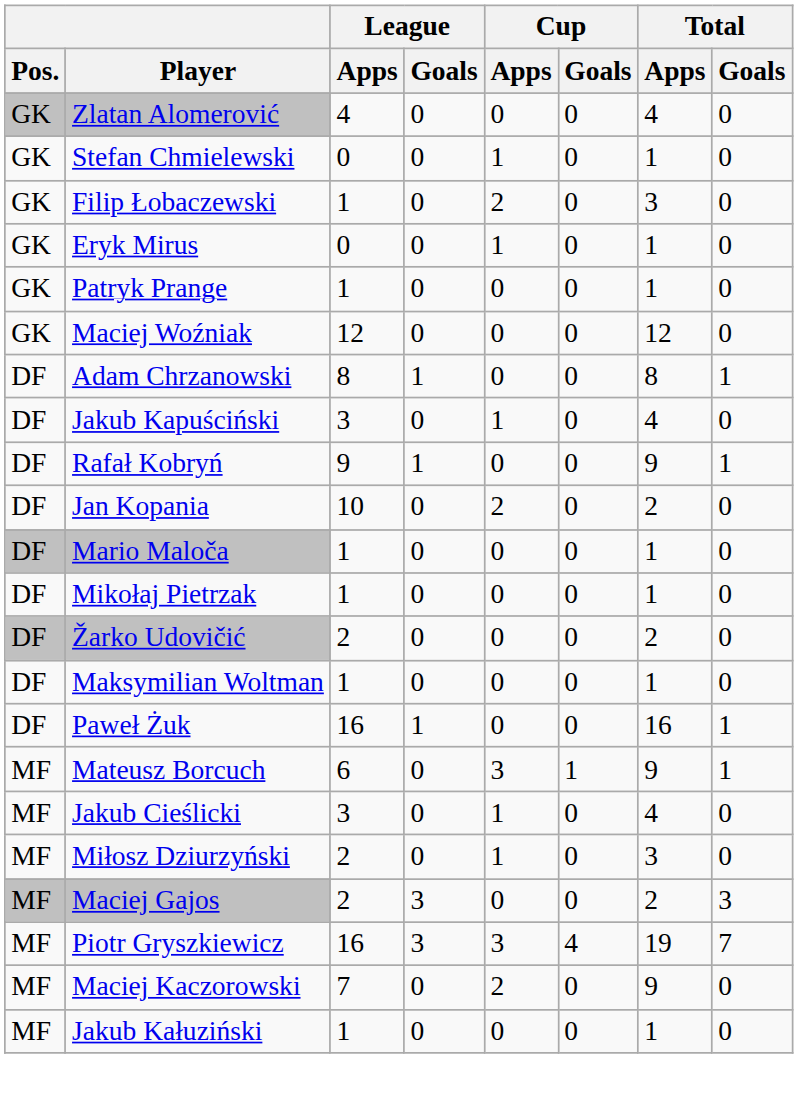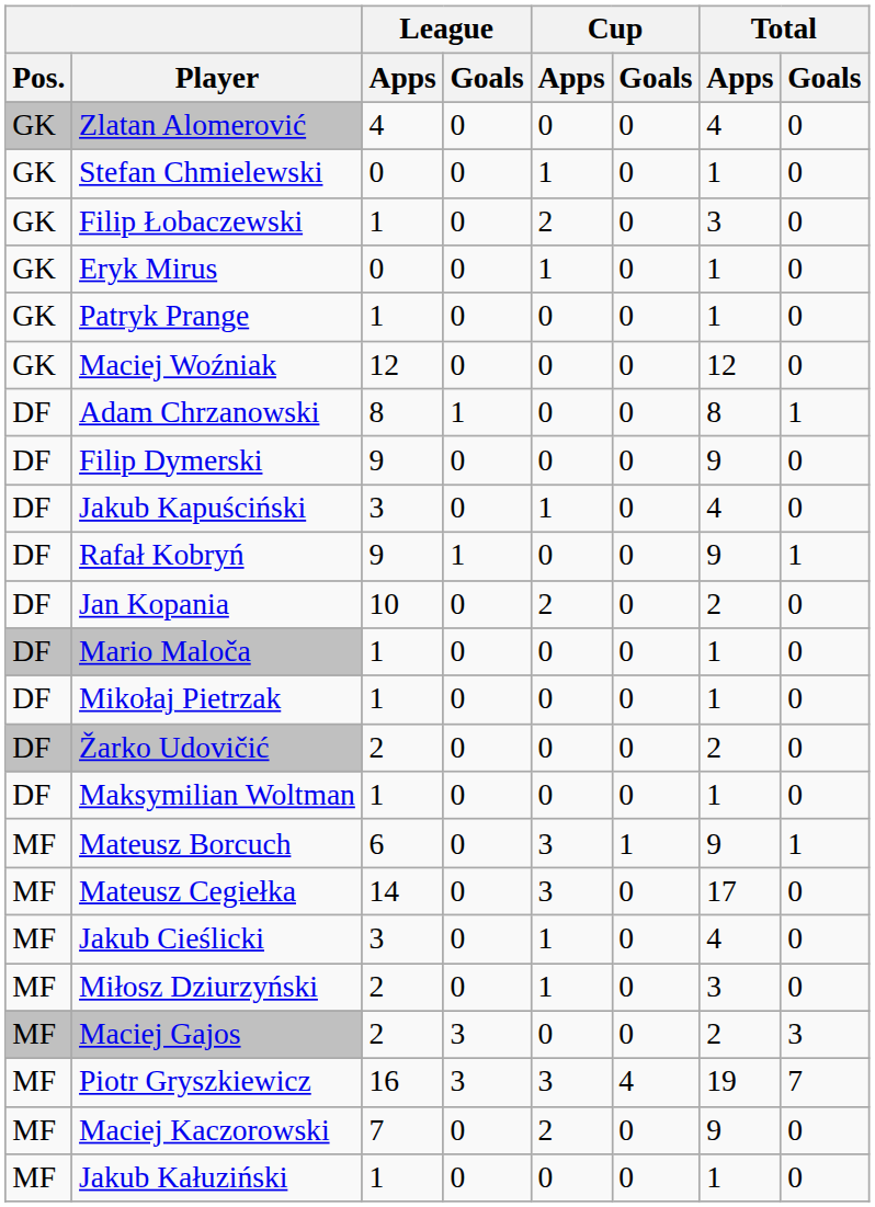 <table class="wikitable" style="display: inline-table;">
 <tr>
 <th colspan="2"></th>
 <th colspan="2">League</th>
 <th colspan="2">Cup</th>
 <th colspan="2">Total</th>
 </tr>
 <tr>
 <th>Pos.</th>
 <th>Player</th>
 <th>Apps</th>
 <th>Goals</th>
 <th>Apps</th>
 <th>Goals</th>
 <th>Apps</th>
 <th>Goals</th>
 </tr>
 <tr>
 <td bgcolor=silver >GK</td>
 <td bgcolor=silver ><a href='#'>Zlatan Alomerović</a></td>
 <td>4</td>
 <td>0</td>
 <td>0</td>
 <td>0</td>
 <td>4</td>
 <td>0</td>
 </tr>
 <tr>
 <td>GK</td>
 <td><a href='#'>Stefan Chmielewski</a></td>
 <td>0</td>
 <td>0</td>
 <td>1</td>
 <td>0</td>
 <td>1</td>
 <td>0</td>
 </tr>
 <tr>
 <td>GK</td>
 <td><a href='#'>Filip Łobaczewski</a></td>
 <td>1</td>
 <td>0</td>
 <td>2</td>
 <td>0</td>
 <td>3</td>
 <td>0</td>
 </tr>
 <tr>
 <td>GK</td>
 <td><a href='#'>Eryk Mirus</a></td>
 <td>0</td>
 <td>0</td>
 <td>1</td>
 <td>0</td>
 <td>1</td>
 <td>0</td>
 </tr>
 <tr>
 <td>GK</td>
 <td><a href='#'>Patryk Prange</a></td>
 <td>1</td>
 <td>0</td>
 <td>0</td>
 <td>0</td>
 <td>1</td>
 <td>0</td>
 </tr>
 <tr>
 <td>GK</td>
 <td><a href='#'>Maciej Woźniak</a></td>
 <td>12</td>
 <td>0</td>
 <td>0</td>
 <td>0</td>
 <td>12</td>
 <td>0</td>
 </tr>
 <tr>
 <td>DF</td>
 <td><a href='#'>Adam Chrzanowski</a></td>
 <td>8</td>
 <td>1</td>
 <td>0</td>
 <td>0</td>
 <td>8</td>
 <td>1</td>
 </tr>
 <tr>
 <td>DF</td>
+<td><a href='#'>Filip Dymerski</a></td>
+<td>9</td>
+<td>0</td>
+<td>0</td>
+<td>0</td>
+<td>9</td>
+<td>0</td>
+</tr>
+<tr>
+<td>DF</td>
 <td><a href='#'>Jakub Kapuściński</a></td>
 <td>3</td>
 <td>0</td>
 <td>1</td>
 <td>0</td>
 <td>4</td>
 <td>0</td>
 </tr>
 <tr>
 <td>DF</td>
 <td><a href='#'>Rafał Kobryń</a></td>
 <td>9</td>
 <td>1</td>
 <td>0</td>
 <td>0</td>
 <td>9</td>
 <td>1</td>
 </tr>
 <tr>
 <td>DF</td>
 <td><a href='#'>Jan Kopania</a></td>
 <td>10</td>
 <td>0</td>
 <td>2</td>
 <td>0</td>
 <td>2</td>
 <td>0</td>
 </tr>
 <tr>
 <td bgcolor=silver >DF</td>
 <td bgcolor=silver ><a href='#'>Mario Maloča</a></td>
 <td>1</td>
 <td>0</td>
 <td>0</td>
 <td>0</td>
 <td>1</td>
 <td>0</td>
 </tr>
 <tr>
 <td>DF</td>
 <td><a href='#'>Mikołaj Pietrzak</a></td>
 <td>1</td>
 <td>0</td>
 <td>0</td>
 <td>0</td>
 <td>1</td>
 <td>0</td>
 </tr>
 <tr>
 <td bgcolor=silver >DF</td>
 <td bgcolor=silver ><a href='#'>Žarko Udovičić</a></td>
 <td>2</td>
 <td>0</td>
 <td>0</td>
 <td>0</td>
 <td>2</td>
 <td>0</td>
 </tr>
 <tr>
 <td>DF</td>
 <td><a href='#'>Maksymilian Woltman</a></td>
 <td>1</td>
 <td>0</td>
 <td>0</td>
 <td>0</td>
 <td>1</td>
 <td>0</td>
 </tr>
 <tr>
-<td>DF</td>
-<td><a href='#'>Paweł Żuk</a></td>
-<td>16</td>
-<td>1</td>
-<td>0</td>
-<td>0</td>
-<td>16</td>
-<td>1</td>
-</tr>
-<tr>
 <td>MF</td>
 <td><a href='#'>Mateusz Borcuch</a></td>
 <td>6</td>
 <td>0</td>
 <td>3</td>
 <td>1</td>
 <td>9</td>
 <td>1</td>
+</tr>
+<tr>
+<td>MF</td>
+<td><a href='#'>Mateusz Cegiełka</a></td>
+<td>14</td>
+<td>0</td>
+<td>3</td>
+<td>0</td>
+<td>17</td>
+<td>0</td>
 </tr>
 <tr>
 <td>MF</td>
 <td><a href='#'>Jakub Cieślicki</a></td>
 <td>3</td>
 <td>0</td>
 <td>1</td>
 <td>0</td>
 <td>4</td>
 <td>0</td>
 </tr>
 <tr>
 <td>MF</td>
 <td><a href='#'>Miłosz Dziurzyński</a></td>
 <td>2</td>
 <td>0</td>
 <td>1</td>
 <td>0</td>
 <td>3</td>
 <td>0</td>
 </tr>
 <tr>
 <td bgcolor=silver >MF</td>
 <td bgcolor=silver ><a href='#'>Maciej Gajos</a></td>
 <td>2</td>
 <td>3</td>
 <td>0</td>
 <td>0</td>
 <td>2</td>
 <td>3</td>
 </tr>
 <tr>
 <td>MF</td>
 <td><a href='#'>Piotr Gryszkiewicz</a></td>
 <td>16</td>
 <td>3</td>
 <td>3</td>
 <td>4</td>
 <td>19</td>
 <td>7</td>
 </tr>
 <tr>
 <td>MF</td>
 <td><a href='#'>Maciej Kaczorowski</a></td>
 <td>7</td>
 <td>0</td>
 <td>2</td>
 <td>0</td>
 <td>9</td>
 <td>0</td>
 </tr>
 <tr>
 <td>MF</td>
 <td><a href='#'>Jakub Kałuziński</a></td>
 <td>1</td>
 <td>0</td>
 <td>0</td>
 <td>0</td>
 <td>1</td>
 <td>0</td>
 </tr>
 </table>
